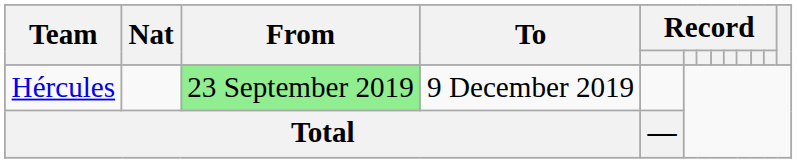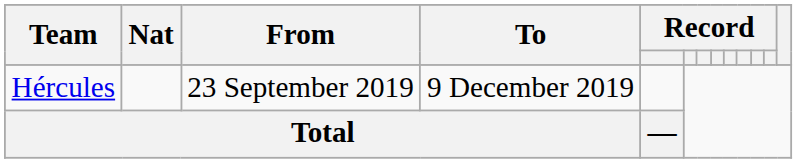 <table class="wikitable" style="text-align: center">
 <tr>
 <th rowspan="2">Team</th>
 <th rowspan="2">Nat</th>
 <th rowspan="2">From</th>
 <th rowspan="2">To</th>
 <th colspan="8">Record</th>
 <th rowspan=2></th>
 </tr>
 <tr>
 <th></th>
 <th></th>
 <th></th>
 <th></th>
 <th></th>
 <th></th>
 <th></th>
 <th></th>
 </tr>
 <tr>
 <td align="left"><a href='#'>Hércules</a></td>
 <td></td>
-<td align=left style="background: lightgreen;">23 September 2019</td>
+<td align=left>23 September 2019</td>
 <td align=left>9 December 2019<br></td>
 <td></td>
 </tr>
 <tr>
 <th colspan="4">Total<br></th>
 <th>—</th>
 </tr>
 </table>
